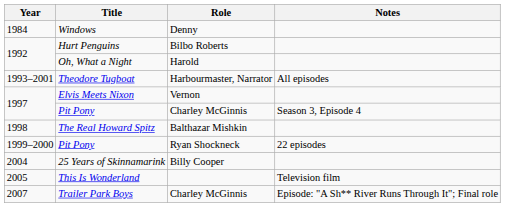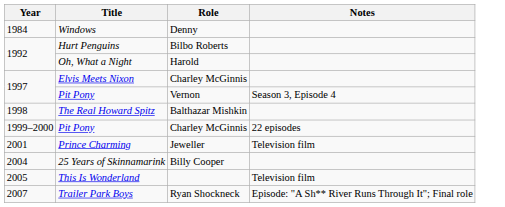 <table class="wikitable sortable">
 <tr>
 <th>Year</th>
 <th>Title</th>
 <th>Role</th>
 <th class="unsortable">Notes</th>
 </tr>
 <tr>
 <td>1984</td>
 <td><em>Windows</em></td>
 <td>Denny</td>
 <td></td>
 </tr>
 <tr>
 <td rowspan="2">1992</td>
 <td><em>Hurt Penguins</em></td>
 <td>Bilbo Roberts</td>
 <td></td>
 </tr>
 <tr>
 <td><em>Oh, What a Night</em></td>
 <td>Harold</td>
 <td></td>
 </tr>
 <tr>
-<td>1993–2001</td>
-<td><em><a href='#'>Theodore Tugboat</a></em></td>
-<td>Harbourmaster, Narrator</td>
-<td>All episodes</td>
-</tr>
-<tr>
 <td rowspan="2">1997</td>
 <td><em><a href='#'>Elvis Meets Nixon</a></em></td>
-<td>Vernon</td>
+<td>Charley McGinnis</td>
 <td></td>
 </tr>
 <tr>
 <td><em><a href='#'>Pit Pony</a></em></td>
-<td>Charley McGinnis</td>
+<td>Vernon</td>
 <td>Season 3, Episode 4</td>
 </tr>
 <tr>
 <td>1998</td>
 <td><em><a href='#'>The Real Howard Spitz</a></em></td>
 <td>Balthazar Mishkin</td>
 <td></td>
 </tr>
 <tr>
 <td>1999–2000</td>
 <td><em><a href='#'>Pit Pony</a></em></td>
-<td>Ryan Shockneck</td>
+<td>Charley McGinnis</td>
 <td>22 episodes</td>
+</tr>
+<tr>
+<td>2001</td>
+<td><em><a href='#'>Prince Charming</a></em></td>
+<td>Jeweller</td>
+<td>Television film</td>
 </tr>
 <tr>
 <td>2004</td>
 <td><em>25 Years of Skinnamarink</em></td>
 <td>Billy Cooper</td>
 <td></td>
 </tr>
 <tr>
 <td>2005</td>
 <td><em><a href='#'>This Is Wonderland</a></em></td>
 <td></td>
 <td>Television film</td>
 </tr>
 <tr>
 <td>2007</td>
 <td><em><a href='#'>Trailer Park Boys</a></em></td>
-<td>Charley McGinnis</td>
+<td>Ryan Shockneck</td>
 <td>Episode: "A Sh** River Runs Through It"; Final role</td>
 </tr>
 </table>
